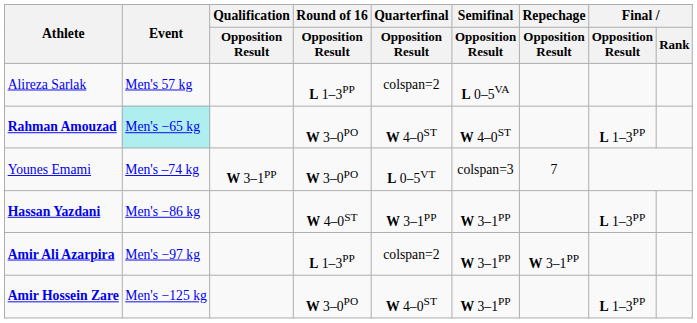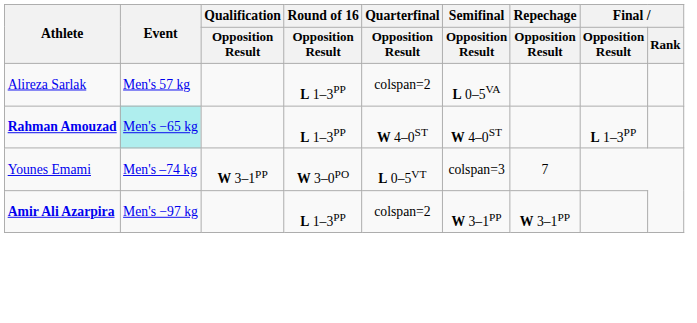 <table class="wikitable" style="font-size:90%">
 <tr>
 <th rowspan=2>Athlete</th>
 <th rowspan=2>Event</th>
 <th>Qualification</th>
 <th>Round of 16</th>
 <th>Quarterfinal</th>
 <th>Semifinal</th>
 <th>Repechage</th>
 <th colspan=2>Final / </th>
 </tr>
 <tr style="font-size: 95%">
 <th>Opposition<br>Result</th>
 <th>Opposition<br>Result</th>
 <th>Opposition<br>Result</th>
 <th>Opposition<br>Result</th>
 <th>Opposition<br>Result</th>
 <th>Opposition<br>Result</th>
 <th>Rank</th>
 </tr>
 <tr align=center>
 <td align=left><a href='#'>Alireza Sarlak</a></td>
 <td align=left><a href='#'>Men's 57 kg</a></td>
 <td></td>
 <td><br><strong>L</strong> 1–3<sup>PP</sup></td>
 <td>colspan=2 </td>
 <td><br><strong>L</strong> 0–5<sup>VA</sup></td>
 <td></td>
 <td></td>
 </tr>
 <tr align=center>
 <td align=left><strong><a href='#'>Rahman Amouzad</a></strong></td>
 <td align=left style="background: paleturquoise;"><a href='#'>Men's −65 kg</a></td>
 <td></td>
-<td><br><strong>W</strong> 3–0<sup>PO</sup></td>
+<td><br><strong>L</strong> 1–3<sup>PP</sup></td>
 <td><br><strong>W</strong> 4–0<sup>ST</sup></td>
 <td><br><strong>W</strong> 4–0<sup>ST</sup></td>
 <td></td>
 <td><br><strong>L</strong> 1–3<sup>PP</sup></td>
 <td></td>
 </tr>
 <tr align=center>
 <td align=left><a href='#'>Younes Emami</a></td>
 <td align=left><a href='#'>Men's –74 kg</a></td>
 <td><br><strong>W</strong> 3–1<sup>PP</sup></td>
 <td><br><strong>W</strong> 3–0<sup>PO</sup></td>
 <td><br><strong>L</strong> 0–5<sup>VT</sup></td>
 <td>colspan=3 </td>
 <td>7</td>
 </tr>
 <tr align=center>
-<td align=left><strong><a href='#'>Hassan Yazdani</a></strong></td>
-<td align=left><a href='#'>Men's −86 kg</a></td>
-<td></td>
-<td><br><strong>W</strong> 4–0<sup>ST</sup></td>
-<td><br><strong>W</strong> 3–1<sup>PP</sup></td>
-<td><br><strong>W</strong> 3–1<sup>PP</sup></td>
-<td></td>
-<td><br><strong>L</strong> 1–3<sup>PP</sup></td>
-<td></td>
-</tr>
-<tr align=center>
 <td align=left><strong><a href='#'>Amir Ali Azarpira</a></strong></td>
 <td align=left><a href='#'>Men's −97 kg</a></td>
 <td></td>
 <td><br><strong>L</strong> 1–3<sup>PP</sup></td>
 <td>colspan=2 </td>
 <td><br><strong>W</strong> 3–1<sup>PP</sup></td>
 <td><br><strong>W</strong> 3–1<sup>PP</sup></td>
 <td></td>
 </tr>
-<tr align=center>
-<td align=left><strong><a href='#'>Amir Hossein Zare</a></strong></td>
-<td align=left><a href='#'>Men's −125 kg</a></td>
-<td></td>
-<td><br><strong>W</strong> 3–0<sup>PO</sup></td>
-<td><br><strong>W</strong> 4–0<sup>ST</sup></td>
-<td><br><strong>W</strong> 3–1<sup>PP</sup></td>
-<td></td>
-<td><br><strong>L</strong> 1–3<sup>PP</sup></td>
-<td></td>
-</tr>
 </table>
